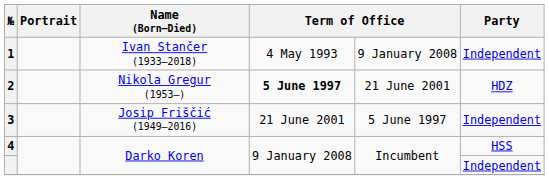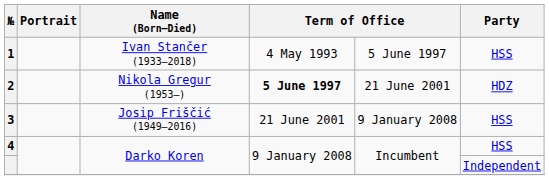 <table class="wikitable" style="text-align:center">
 <tr ->
 <th>№</th>
 <th>Portrait</th>
 <th width=180>Name<br><small>(Born–Died)</small></th>
 <th colspan=2>Term of Office</th>
 <th>Party</th>
 </tr>
 <tr ->
 <th style="background:">1</th>
 <td></td>
 <td><a href='#'>Ivan Stančer</a><br><small>(1933–2018)</small></td>
 <td>4 May 1993</td>
-<td>9 January 2008</td>
-<td><a href='#'>Independent</a><br></td>
+<td>5 June 1997</td>
+<td><a href='#'>HSS</a></td>
 </tr>
 <tr ->
 <th style="background:">2</th>
 <td></td>
 <td><a href='#'>Nikola Gregur</a><br><small>(1953–)</small></td>
 <td><strong>5 June 1997</strong></td>
 <td>21 June 2001</td>
 <td><a href='#'>HDZ</a></td>
 </tr>
 <tr ->
 <th style="background:">3</th>
 <td></td>
 <td><a href='#'>Josip Friščić</a><br><small>(1949–2016)</small></td>
 <td>21 June 2001</td>
-<td>5 June 1997</td>
-<td><a href='#'>Independent</a><br></td>
+<td>9 January 2008</td>
+<td><a href='#'>HSS</a></td>
 </tr>
 <tr ->
 <th style="background:">4</th>
 <td rowspan="2"></td>
 <td rowspan="2"><a href='#'>Darko Koren</a><br></td>
 <td rowspan="2">9 January 2008</td>
 <td rowspan="2">Incumbent</td>
 <td><a href='#'>HSS</a><br></td>
 </tr>
 <tr ->
 <th style="background:"></th>
 <td><a href='#'>Independent</a><br></td>
 </tr>
 <tr ->
 </tr>
 </table>
